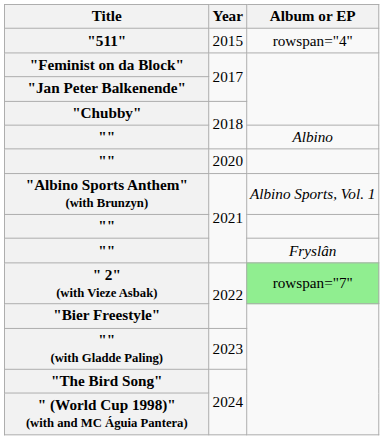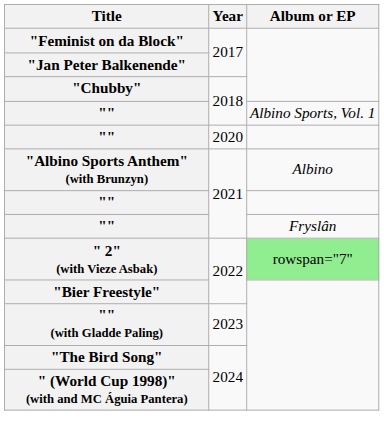 <table class="wikitable plainrowheaders" style="text-align:center;">
 <tr>
 <th scope="col" style="width:13em;">Title</th>
 <th scope="col">Year</th>
 <th scope="col">Album or EP</th>
-</tr>
-<tr>
-<th scope="row">"511"</th>
-<td>2015</td>
-<td>rowspan="4" </td>
 </tr>
 <tr>
 <th scope="row">"Feminist on da Block"</th>
 <td rowspan="2">2017</td>
 </tr>
 <tr>
 <th scope="row">"Jan Peter Balkenende"</th>
 </tr>
 <tr>
 <th scope="row">"Chubby"</th>
 <td rowspan="2">2018</td>
 </tr>
 <tr>
 <th scope="row">""</th>
-<td><em>Albino</em></td>
+<td><em>Albino Sports, Vol. 1</em></td>
 </tr>
 <tr>
 <th scope="row">""</th>
 <td>2020</td>
 <td></td>
 </tr>
 <tr>
 <th scope="row">"Albino Sports Anthem"<br><small>(with Brunzyn)</small></th>
 <td rowspan="3">2021</td>
-<td><em>Albino Sports, Vol. 1</em></td>
+<td><em>Albino</em></td>
 </tr>
 <tr>
 <th scope="row">""</th>
 <td></td>
 </tr>
 <tr>
 <th scope="row">""</th>
 <td><em>Fryslân</em></td>
 </tr>
 <tr>
 <th scope="row">" 2"<br><small>(with Vieze Asbak)</small></th>
 <td rowspan="2">2022</td>
 <td style="background: lightgreen;">rowspan="7" </td>
 </tr>
 <tr>
 <th scope="row">"Bier Freestyle"</th>
 </tr>
 <tr>
 <th scope="row">""<br><small>(with Gladde Paling)</small></th>
 <td>2023</td>
 </tr>
 <tr>
 <th scope="row">"The Bird Song"</th>
 <td rowspan="2">2024</td>
 </tr>
 <tr>
 <th scope="row">" (World Cup 1998)"<br><small>(with  and MC Águia Pantera)</small></th>
 </tr>
 </table>
